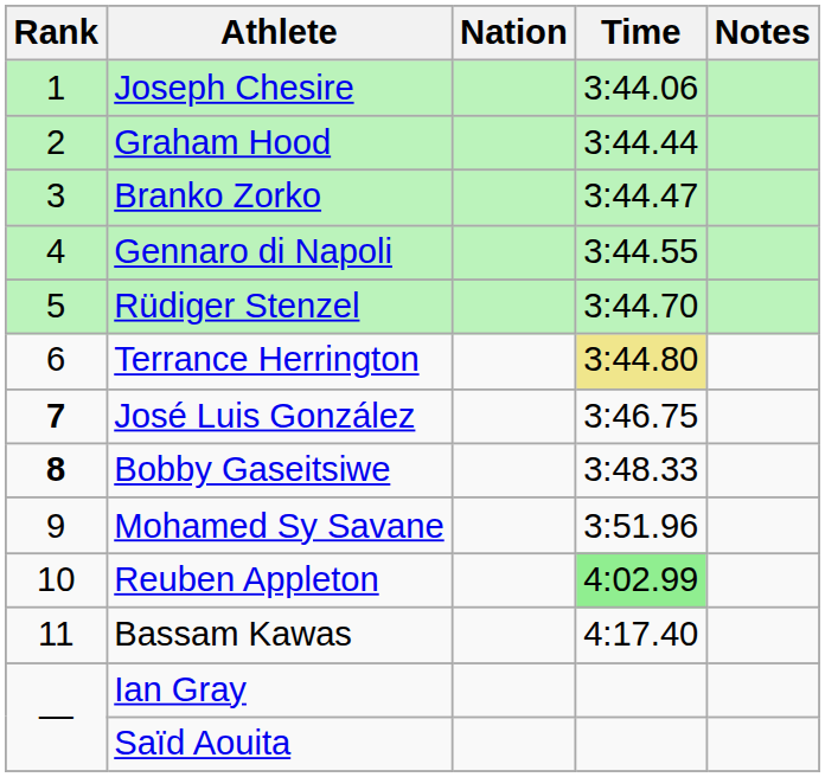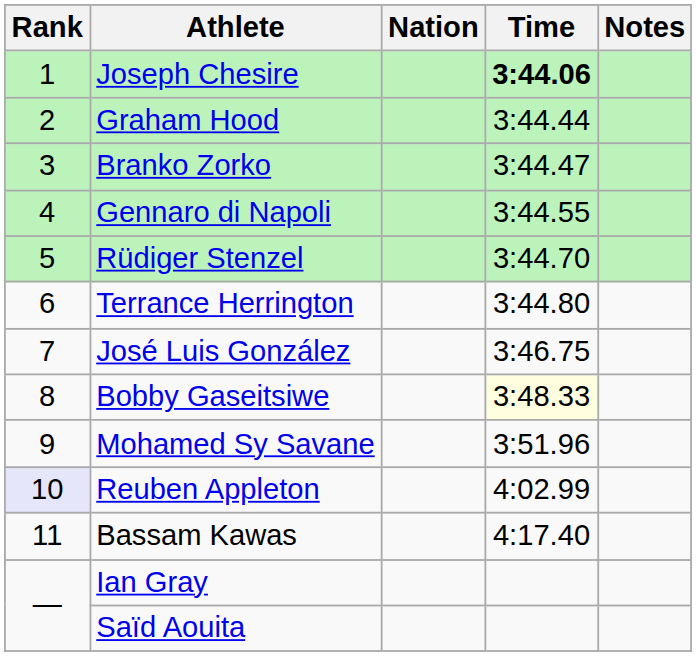 <table class="wikitable sortable" style="text-align:center">
 <tr>
 <th>Rank</th>
 <th>Athlete</th>
 <th>Nation</th>
 <th>Time</th>
 <th>Notes</th>
 </tr>
 <tr style="background:#bbf3bb;">
 <td>1</td>
 <td align=left><a href='#'>Joseph Chesire</a></td>
 <td align=left></td>
-<td>3:44.06</td>
+<td><strong>3:44.06</strong></td>
 <td></td>
 </tr>
 <tr style="background:#bbf3bb;">
 <td>2</td>
 <td align=left><a href='#'>Graham Hood</a></td>
 <td align=left></td>
 <td>3:44.44</td>
 <td></td>
 </tr>
 <tr style="background:#bbf3bb;">
 <td>3</td>
 <td align=left><a href='#'>Branko Zorko</a></td>
 <td align=left></td>
 <td>3:44.47</td>
 <td></td>
 </tr>
 <tr style="background:#bbf3bb;">
 <td>4</td>
 <td align=left><a href='#'>Gennaro di Napoli</a></td>
 <td align=left></td>
 <td>3:44.55</td>
 <td></td>
 </tr>
 <tr style="background:#bbf3bb;">
 <td>5</td>
 <td align=left><a href='#'>Rüdiger Stenzel</a></td>
 <td align=left></td>
 <td>3:44.70</td>
 <td></td>
 </tr>
 <tr>
 <td>6</td>
 <td align=left><a href='#'>Terrance Herrington</a></td>
 <td align=left></td>
-<td style="background: khaki;">3:44.80</td>
+<td>3:44.80</td>
 <td></td>
 </tr>
 <tr>
-<td><strong>7</strong></td>
+<td>7</td>
 <td align=left><a href='#'>José Luis González</a></td>
 <td align=left></td>
 <td>3:46.75</td>
 <td></td>
 </tr>
 <tr>
-<td><strong>8</strong></td>
+<td>8</td>
 <td align=left><a href='#'>Bobby Gaseitsiwe</a></td>
 <td align=left></td>
-<td>3:48.33</td>
+<td style="background: lightyellow;">3:48.33</td>
 <td></td>
 </tr>
 <tr>
 <td>9</td>
 <td align=left><a href='#'>Mohamed Sy Savane</a></td>
 <td align=left></td>
 <td>3:51.96</td>
 <td></td>
 </tr>
 <tr>
-<td>10</td>
+<td style="background: lavender;">10</td>
 <td align=left><a href='#'>Reuben Appleton</a></td>
 <td align=left></td>
-<td style="background: lightgreen;">4:02.99</td>
+<td>4:02.99</td>
 <td></td>
 </tr>
 <tr>
 <td>11</td>
 <td align=left>Bassam Kawas</td>
 <td align=left></td>
 <td>4:17.40</td>
 <td></td>
 </tr>
 <tr>
 <td rowspan=2 data-sort-value=12>—</td>
 <td align=left><a href='#'>Ian Gray</a></td>
 <td align=left></td>
 <td></td>
 <td></td>
 </tr>
 <tr>
 <td align=left><a href='#'>Saïd Aouita</a></td>
 <td align=left></td>
 <td></td>
 <td></td>
 </tr>
 </table>
